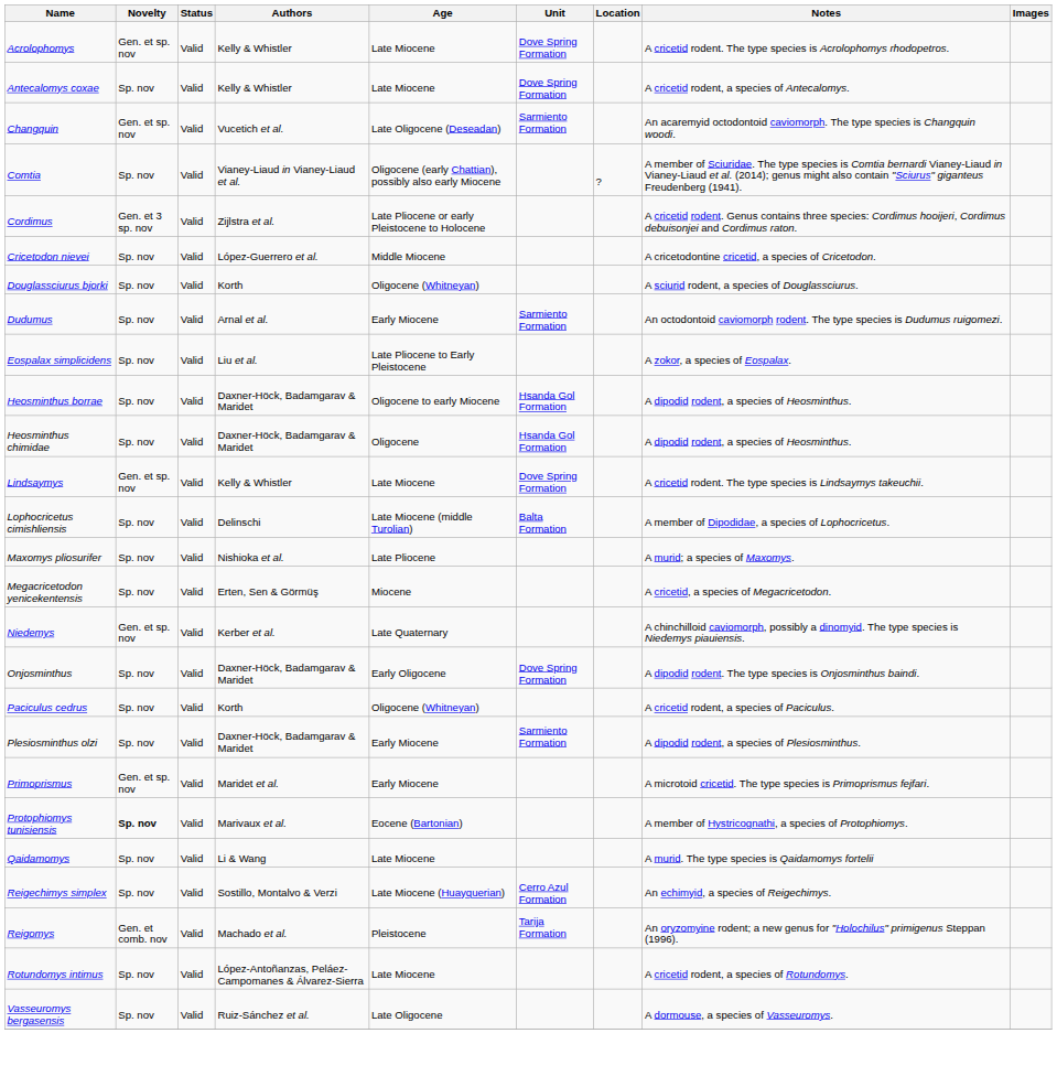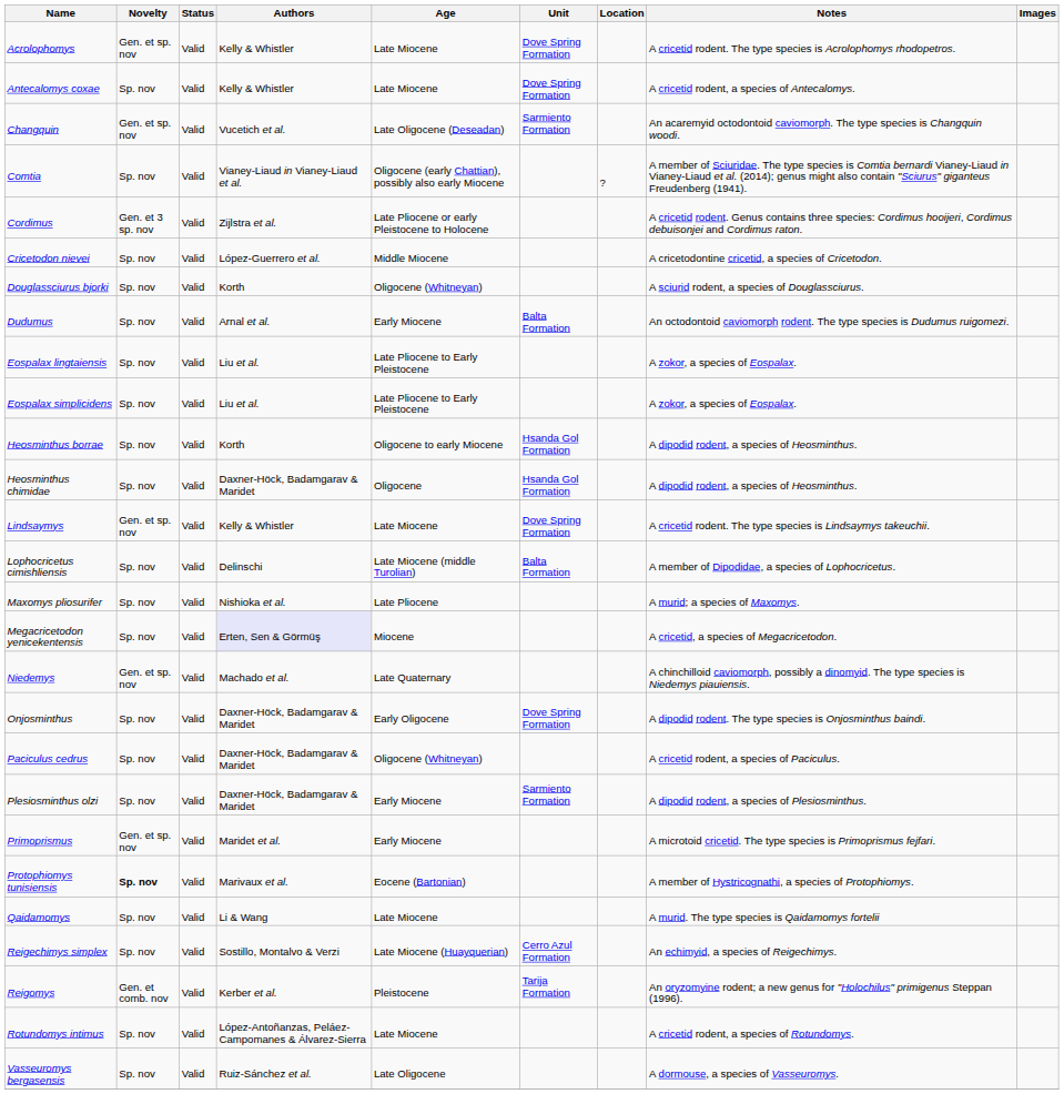 <table class="wikitable sortable" align="center" width="100%">
 <tr>
 <th>Name</th>
 <th>Novelty</th>
 <th>Status</th>
 <th>Authors</th>
 <th>Age</th>
 <th>Unit</th>
 <th>Location</th>
 <th>Notes</th>
 <th>Images</th>
 </tr>
 <tr>
 <td><br><em><a href='#'>Acrolophomys</a></em></td>
 <td><br>Gen. et sp. nov</td>
 <td><br>Valid</td>
 <td><br>Kelly & Whistler</td>
 <td><br>Late Miocene</td>
 <td><br><a href='#'>Dove Spring Formation</a></td>
 <td><br></td>
 <td><br>A <a href='#'>cricetid</a> rodent. The type species is <em>Acrolophomys rhodopetros</em>.</td>
 <td></td>
 </tr>
 <tr>
 <td><br><em><a href='#'>Antecalomys coxae</a></em></td>
 <td><br>Sp. nov</td>
 <td><br>Valid</td>
 <td><br>Kelly & Whistler</td>
 <td><br>Late Miocene</td>
 <td><br><a href='#'>Dove Spring Formation</a></td>
 <td><br></td>
 <td><br>A <a href='#'>cricetid</a> rodent, a species of <em>Antecalomys</em>.</td>
 <td></td>
 </tr>
 <tr>
 <td><br><em><a href='#'>Changquin</a></em></td>
 <td><br>Gen. et sp. nov</td>
 <td><br>Valid</td>
 <td><br>Vucetich <em>et al.</em></td>
 <td><br>Late Oligocene (<a href='#'>Deseadan</a>)</td>
 <td><a href='#'>Sarmiento Formation</a></td>
 <td><br></td>
 <td><br>An acaremyid octodontoid <a href='#'>caviomorph</a>. The type species is <em>Changquin woodi</em>.</td>
 <td></td>
 </tr>
 <tr>
 <td><br><em><a href='#'>Comtia</a></em></td>
 <td><br>Sp. nov</td>
 <td><br>Valid</td>
 <td><br>Vianey-Liaud <em>in</em> Vianey-Liaud <em>et al.</em></td>
 <td><br>Oligocene (early <a href='#'>Chattian</a>), possibly also early Miocene</td>
 <td></td>
 <td><br><br> ?</td>
 <td><br>A member of <a href='#'>Sciuridae</a>. The type species is <em>Comtia bernardi</em> Vianey-Liaud <em>in</em> Vianey-Liaud <em>et al.</em> (2014); genus might also contain <em>"<a href='#'>Sciurus</a>" giganteus</em> Freudenberg (1941).</td>
 <td></td>
 </tr>
 <tr>
 <td><br><em><a href='#'>Cordimus</a></em></td>
 <td><br>Gen. et 3 sp. nov</td>
 <td><br>Valid</td>
 <td><br>Zijlstra <em>et al.</em></td>
 <td><br>Late Pliocene or early Pleistocene to Holocene</td>
 <td></td>
 <td><br><br> </td>
 <td><br>A <a href='#'>cricetid</a> <a href='#'>rodent</a>. Genus contains three species: <em>Cordimus hooijeri</em>, <em>Cordimus debuisonjei</em> and <em>Cordimus raton</em>.</td>
 <td></td>
 </tr>
 <tr>
 <td><br><em><a href='#'>Cricetodon nievei</a></em></td>
 <td><br>Sp. nov</td>
 <td><br>Valid</td>
 <td><br>López-Guerrero <em>et al.</em></td>
 <td><br>Middle Miocene</td>
 <td></td>
 <td><br></td>
 <td><br>A cricetodontine <a href='#'>cricetid</a>, a species of <em>Cricetodon</em>.</td>
 <td></td>
 </tr>
 <tr>
 <td><br><em><a href='#'>Douglassciurus bjorki</a></em></td>
 <td><br>Sp. nov</td>
 <td><br>Valid</td>
 <td><br>Korth</td>
 <td><br>Oligocene (<a href='#'>Whitneyan</a>)</td>
 <td></td>
 <td><br></td>
 <td><br>A <a href='#'>sciurid</a> rodent, a species of <em>Douglassciurus</em>.</td>
 <td></td>
 </tr>
 <tr>
 <td><br><em><a href='#'>Dudumus</a></em></td>
 <td><br>Sp. nov</td>
 <td><br>Valid</td>
 <td><br>Arnal <em>et al.</em></td>
 <td><br>Early Miocene</td>
-<td><br><a href='#'>Sarmiento Formation</a></td>
+<td><br><a href='#'>Balta Formation</a></td>
 <td><br></td>
 <td><br>An octodontoid <a href='#'>caviomorph</a> <a href='#'>rodent</a>. The type species is <em>Dudumus ruigomezi</em>.</td>
+<td></td>
+</tr>
+<tr>
+<td><br><em><a href='#'>Eospalax lingtaiensis</a></em></td>
+<td><br>Sp. nov</td>
+<td><br>Valid</td>
+<td><br>Liu <em>et al.</em></td>
+<td><br>Late Pliocene to Early Pleistocene</td>
+<td></td>
+<td><br></td>
+<td><br>A <a href='#'>zokor</a>, a species of <em><a href='#'>Eospalax</a></em>.</td>
 <td></td>
 </tr>
 <tr>
 <td><br><em><a href='#'>Eospalax simplicidens</a></em></td>
 <td><br>Sp. nov</td>
 <td><br>Valid</td>
 <td><br>Liu <em>et al.</em></td>
 <td><br>Late Pliocene to Early Pleistocene</td>
 <td></td>
 <td><br></td>
 <td><br>A <a href='#'>zokor</a>, a species of <em><a href='#'>Eospalax</a></em>.</td>
 <td></td>
 </tr>
 <tr>
 <td><br><em><a href='#'>Heosminthus borrae</a></em></td>
 <td><br>Sp. nov</td>
 <td><br>Valid</td>
-<td><br>Daxner-Höck, Badamgarav & Maridet</td>
+<td><br>Korth</td>
 <td><br>Oligocene to early Miocene</td>
 <td><br><a href='#'>Hsanda Gol Formation</a></td>
 <td><br></td>
 <td><br>A <a href='#'>dipodid</a> <a href='#'>rodent</a>, a species of <em>Heosminthus</em>.</td>
 <td></td>
 </tr>
 <tr>
 <td><br><em>Heosminthus chimidae</em></td>
 <td><br>Sp. nov</td>
 <td><br>Valid</td>
 <td><br>Daxner-Höck, Badamgarav & Maridet</td>
 <td><br>Oligocene</td>
 <td><br><a href='#'>Hsanda Gol Formation</a></td>
 <td><br></td>
 <td><br>A <a href='#'>dipodid</a> <a href='#'>rodent</a>, a species of <em>Heosminthus</em>.</td>
 <td></td>
 </tr>
 <tr>
 <td><br><em><a href='#'>Lindsaymys</a></em></td>
 <td><br>Gen. et sp. nov</td>
 <td><br>Valid</td>
 <td><br>Kelly & Whistler</td>
 <td><br>Late Miocene</td>
 <td><br><a href='#'>Dove Spring Formation</a></td>
 <td><br></td>
 <td><br>A <a href='#'>cricetid</a> rodent. The type species is <em>Lindsaymys takeuchii</em>.</td>
 <td></td>
 </tr>
 <tr>
 <td><br><em>Lophocricetus cimishliensis</em></td>
 <td><br>Sp. nov</td>
 <td><br>Valid</td>
 <td><br>Delinschi</td>
 <td><br>Late Miocene (middle <a href='#'>Turolian</a>)</td>
 <td><br><a href='#'>Balta Formation</a></td>
 <td><br></td>
 <td><br>A member of <a href='#'>Dipodidae</a>, a species of <em>Lophocricetus</em>.</td>
 <td></td>
 </tr>
 <tr>
 <td><br><em>Maxomys pliosurifer</em></td>
 <td><br>Sp. nov</td>
 <td><br>Valid</td>
 <td><br>Nishioka <em>et al.</em></td>
 <td><br>Late Pliocene</td>
 <td></td>
 <td><br></td>
 <td><br>A <a href='#'>murid</a>; a species of <em><a href='#'>Maxomys</a></em>.</td>
 <td></td>
 </tr>
 <tr>
 <td><br><em>Megacricetodon yenicekentensis</em></td>
 <td><br>Sp. nov</td>
 <td><br>Valid</td>
-<td><br>Erten, Sen & Görmüş</td>
+<td style="background: lavender;"><br>Erten, Sen & Görmüş</td>
 <td><br>Miocene</td>
 <td></td>
 <td><br></td>
 <td><br>A <a href='#'>cricetid</a>, a species of <em>Megacricetodon</em>.</td>
 <td></td>
 </tr>
 <tr>
 <td><br><em><a href='#'>Niedemys</a></em></td>
 <td><br>Gen. et sp. nov</td>
 <td><br>Valid</td>
-<td><br>Kerber <em>et al.</em></td>
+<td><br>Machado <em>et al.</em></td>
 <td><br>Late Quaternary</td>
 <td></td>
 <td><br></td>
 <td><br>A chinchilloid <a href='#'>caviomorph</a>, possibly a <a href='#'>dinomyid</a>. The type species is <em>Niedemys piauiensis</em>.</td>
 <td></td>
 </tr>
 <tr>
 <td><br><em>Onjosminthus</em></td>
 <td><br>Sp. nov</td>
 <td><br>Valid</td>
 <td><br>Daxner-Höck, Badamgarav & Maridet</td>
 <td><br>Early Oligocene</td>
 <td><br><a href='#'>Dove Spring Formation</a></td>
 <td><br></td>
 <td><br>A <a href='#'>dipodid</a> <a href='#'>rodent</a>. The type species is <em>Onjosminthus baindi</em>.</td>
 <td></td>
 </tr>
 <tr>
 <td><br><em><a href='#'>Paciculus cedrus</a></em></td>
 <td><br>Sp. nov</td>
 <td><br>Valid</td>
-<td><br>Korth</td>
+<td><br>Daxner-Höck, Badamgarav & Maridet</td>
 <td><br>Oligocene (<a href='#'>Whitneyan</a>)</td>
 <td></td>
 <td><br></td>
 <td><br>A <a href='#'>cricetid</a> rodent, a species of <em>Paciculus</em>.</td>
 <td></td>
 </tr>
 <tr>
 <td><br><em>Plesiosminthus olzi</em></td>
 <td><br>Sp. nov</td>
 <td><br>Valid</td>
 <td><br>Daxner-Höck, Badamgarav & Maridet</td>
 <td><br>Early Miocene</td>
 <td><a href='#'>Sarmiento Formation</a></td>
 <td><br></td>
 <td><br>A <a href='#'>dipodid</a> <a href='#'>rodent</a>, a species of <em>Plesiosminthus</em>.</td>
 <td></td>
 </tr>
 <tr>
 <td><br><em><a href='#'>Primoprismus</a></em></td>
 <td><br>Gen. et sp. nov</td>
 <td><br>Valid</td>
 <td><br>Maridet <em>et al.</em></td>
 <td><br>Early Miocene</td>
 <td></td>
 <td><br></td>
 <td><br>A microtoid <a href='#'>cricetid</a>. The type species is <em>Primoprismus fejfari</em>.</td>
 <td></td>
 </tr>
 <tr>
 <td><br><em><a href='#'>Protophiomys tunisiensis</a></em></td>
 <td><strong><br>Sp. nov</strong></td>
 <td><br>Valid</td>
 <td><br>Marivaux <em>et al.</em></td>
 <td><br>Eocene (<a href='#'>Bartonian</a>)</td>
 <td></td>
 <td><br></td>
 <td><br>A member of <a href='#'>Hystricognathi</a>, a species of <em>Protophiomys</em>.</td>
 <td></td>
 </tr>
 <tr>
 <td><br><em><a href='#'>Qaidamomys</a></em></td>
 <td><br>Sp. nov</td>
 <td><br>Valid</td>
 <td><br>Li & Wang</td>
 <td><br>Late Miocene</td>
 <td></td>
 <td><br></td>
 <td><br>A <a href='#'>murid</a>. The type species is <em>Qaidamomys fortelii</em></td>
 <td></td>
 </tr>
 <tr>
 <td><br><em><a href='#'>Reigechimys simplex</a></em></td>
 <td><br>Sp. nov</td>
 <td><br>Valid</td>
 <td><br>Sostillo, Montalvo & Verzi</td>
 <td><br>Late Miocene (<a href='#'>Huayquerian</a>)</td>
 <td><br><a href='#'>Cerro Azul Formation</a></td>
 <td><br></td>
 <td><br>An <a href='#'>echimyid</a>, a species of <em>Reigechimys</em>.</td>
 <td></td>
 </tr>
 <tr>
 <td><br><em><a href='#'>Reigomys</a></em></td>
 <td><br>Gen. et comb. nov</td>
 <td><br>Valid</td>
-<td><br>Machado <em>et al.</em></td>
+<td><br>Kerber <em>et al.</em></td>
 <td><br>Pleistocene</td>
 <td><a href='#'>Tarija Formation</a></td>
 <td><br></td>
 <td><br>An <a href='#'>oryzomyine</a> rodent; a new genus for <em>"<a href='#'>Holochilus</a>" primigenus</em> Steppan (1996).</td>
 <td></td>
 </tr>
 <tr>
 <td><br><em><a href='#'>Rotundomys intimus</a></em></td>
 <td><br>Sp. nov</td>
 <td><br>Valid</td>
 <td><br>López-Antoñanzas, Peláez-Campomanes & Álvarez-Sierra</td>
 <td><br>Late Miocene</td>
 <td></td>
 <td><br></td>
 <td><br>A <a href='#'>cricetid</a> rodent, a species of <em><a href='#'>Rotundomys</a></em>.</td>
 <td></td>
 </tr>
 <tr>
 <td><br><em><a href='#'>Vasseuromys bergasensis</a></em></td>
 <td><br>Sp. nov</td>
 <td><br>Valid</td>
 <td><br>Ruiz-Sánchez <em>et al.</em></td>
 <td><br>Late Oligocene</td>
 <td></td>
 <td><br></td>
 <td><br>A <a href='#'>dormouse</a>, a species of <em><a href='#'>Vasseuromys</a></em>.</td>
 <td></td>
 </tr>
 <tr>
 </tr>
 </table>
